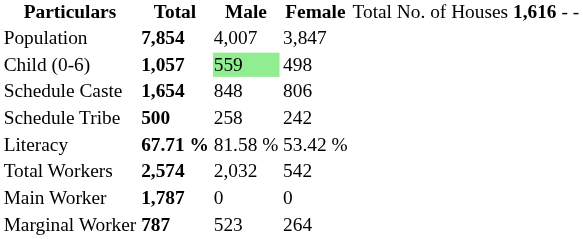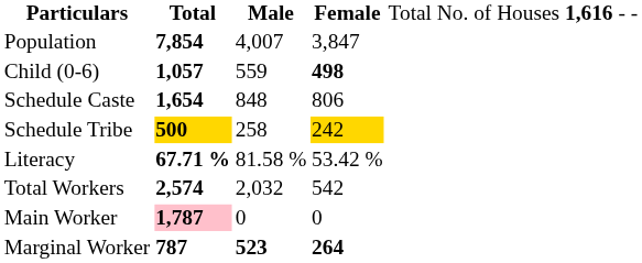 <table class="table table1 table-striped table-hover ">
 <tr>
 <th>Particulars</th>
 <th>Total</th>
 <th>Male</th>
 <th>Female</th>
 <td>Total No. of Houses</td>
 <td><strong>1,616</strong></td>
 <td>-</td>
 <td>-</td>
 </tr>
 <tr>
 <td>Population</td>
 <td><strong>7,854</strong></td>
 <td>4,007</td>
 <td>3,847</td>
 </tr>
 <tr>
 <td>Child (0-6)</td>
 <td><strong>1,057</strong></td>
-<td style="background: lightgreen;">559</td>
-<td>498</td>
+<td>559</td>
+<td><strong>498</strong></td>
 </tr>
 <tr>
 <td>Schedule Caste</td>
 <td><strong>1,654</strong></td>
 <td>848</td>
 <td>806</td>
 </tr>
 <tr>
 <td>Schedule Tribe</td>
-<td><strong>500</strong></td>
+<td style="background: gold;"><strong>500</strong></td>
 <td>258</td>
-<td>242</td>
+<td style="background: gold;">242</td>
 </tr>
 <tr>
 <td>Literacy</td>
 <td><strong>67.71 %</strong></td>
 <td>81.58 %</td>
 <td>53.42 %</td>
 </tr>
 <tr>
 <td>Total Workers</td>
 <td><strong>2,574</strong></td>
 <td>2,032</td>
 <td>542</td>
 </tr>
 <tr>
 <td>Main Worker</td>
-<td><strong>1,787</strong></td>
+<td style="background: pink;"><strong>1,787</strong></td>
 <td>0</td>
 <td>0</td>
 </tr>
 <tr>
 <td>Marginal Worker</td>
 <td><strong>787</strong></td>
-<td>523</td>
-<td>264</td>
+<td><strong>523</strong></td>
+<td><strong>264</strong></td>
 </tr>
 </table>
